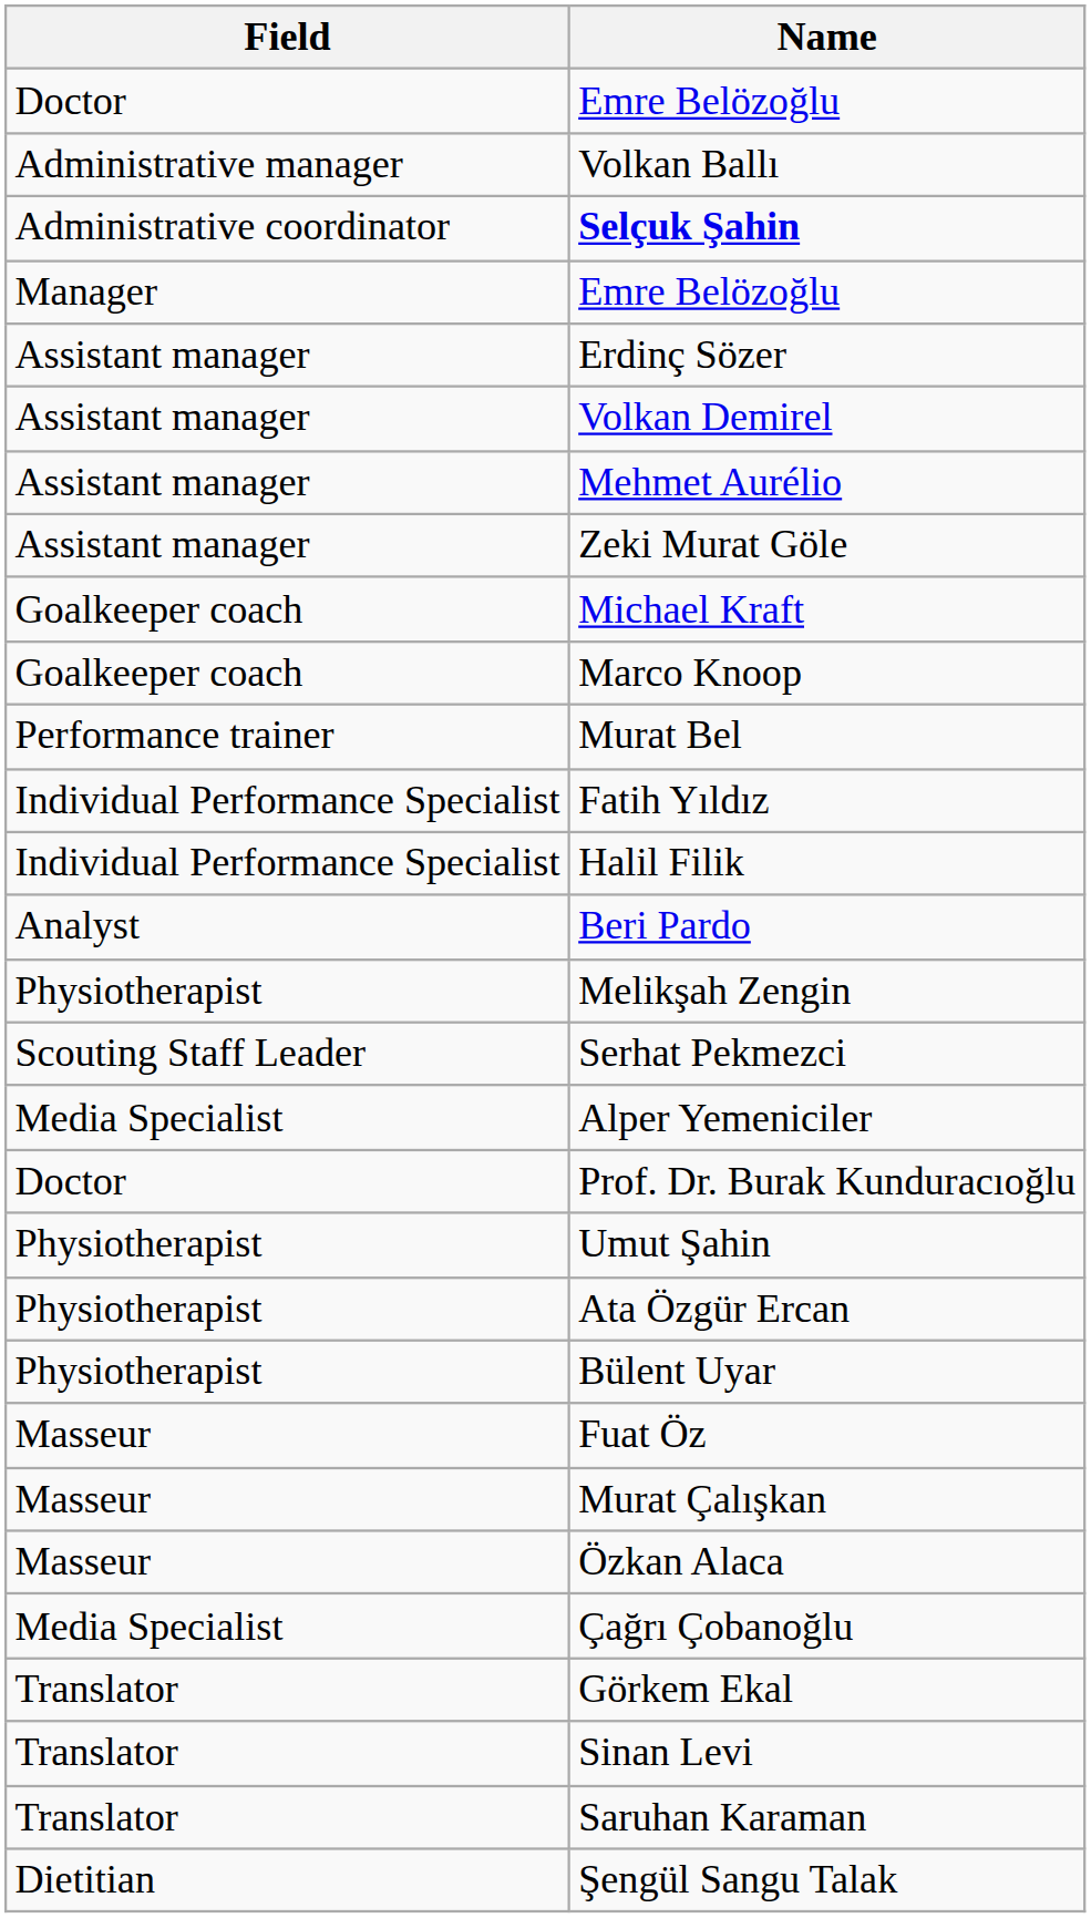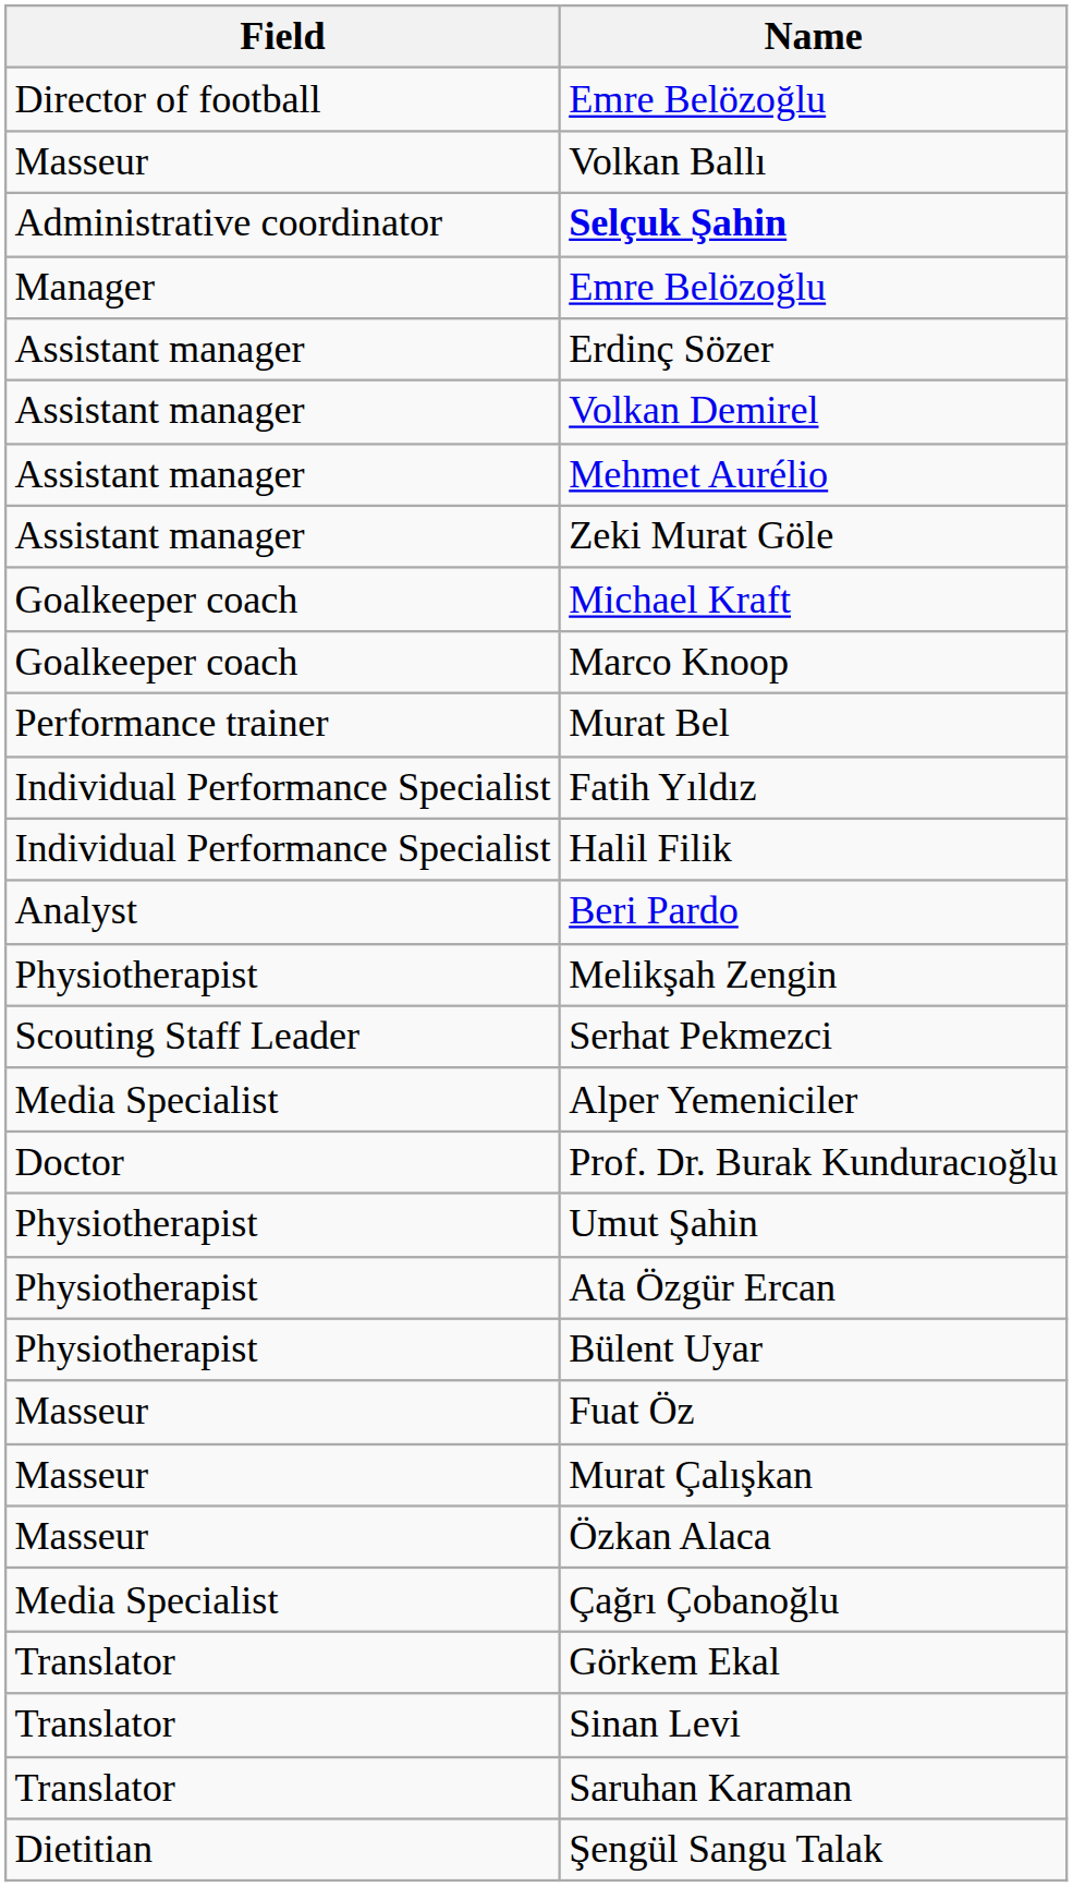 <table class="wikitable">
 <tr>
 <th>Field</th>
 <th>Name</th>
 </tr>
 <tr>
-<td>Doctor</td>
+<td>Director of football</td>
 <td> <a href='#'>Emre Belözoğlu</a></td>
 </tr>
 <tr>
-<td>Administrative manager</td>
+<td>Masseur</td>
 <td> Volkan Ballı</td>
 </tr>
 <tr>
 <td>Administrative coordinator</td>
 <td><strong> <a href='#'>Selçuk Şahin</a></strong></td>
 </tr>
 <tr>
 <td>Manager</td>
 <td> <a href='#'>Emre Belözoğlu</a></td>
 </tr>
 <tr>
 <td>Assistant manager</td>
 <td> Erdinç Sözer</td>
 </tr>
 <tr>
 <td>Assistant manager</td>
 <td> <a href='#'>Volkan Demirel</a></td>
 </tr>
 <tr>
 <td>Assistant manager</td>
 <td> <a href='#'>Mehmet Aurélio</a></td>
 </tr>
 <tr>
 <td>Assistant manager</td>
 <td> Zeki Murat Göle</td>
 </tr>
 <tr>
 <td>Goalkeeper coach</td>
 <td> <a href='#'>Michael Kraft</a></td>
 </tr>
 <tr>
 <td>Goalkeeper coach</td>
 <td> Marco Knoop</td>
 </tr>
 <tr>
 <td>Performance trainer</td>
 <td> Murat Bel</td>
 </tr>
 <tr>
 <td>Individual Performance Specialist</td>
 <td> Fatih Yıldız</td>
 </tr>
 <tr>
 <td>Individual Performance Specialist</td>
 <td> Halil Filik</td>
 </tr>
 <tr>
 <td>Analyst</td>
 <td> <a href='#'>Beri Pardo</a></td>
 </tr>
 <tr>
 <td>Physiotherapist</td>
 <td> Melikşah Zengin</td>
 </tr>
 <tr>
 <td>Scouting Staff Leader</td>
 <td> Serhat Pekmezci</td>
 </tr>
 <tr>
 <td>Media Specialist</td>
 <td> Alper Yemeniciler</td>
 </tr>
 <tr>
 <td>Doctor</td>
 <td>  Prof. Dr. Burak Kunduracıoğlu</td>
 </tr>
 <tr>
 <td>Physiotherapist</td>
 <td> Umut Şahin</td>
 </tr>
 <tr>
 <td>Physiotherapist</td>
 <td> Ata Özgür Ercan</td>
 </tr>
 <tr>
 <td>Physiotherapist</td>
 <td> Bülent Uyar</td>
 </tr>
 <tr>
 <td>Masseur</td>
 <td> Fuat Öz</td>
 </tr>
 <tr>
 <td>Masseur</td>
 <td> Murat Çalışkan</td>
 </tr>
 <tr>
 <td>Masseur</td>
 <td> Özkan Alaca</td>
 </tr>
 <tr>
 <td>Media Specialist</td>
 <td> Çağrı Çobanoğlu</td>
 </tr>
 <tr>
 <td>Translator</td>
 <td> Görkem Ekal</td>
 </tr>
 <tr>
 <td>Translator</td>
 <td> Sinan Levi</td>
 </tr>
 <tr>
 <td>Translator</td>
 <td> Saruhan Karaman</td>
 </tr>
 <tr>
 <td>Dietitian</td>
 <td> Şengül Sangu Talak</td>
 </tr>
 </table>
